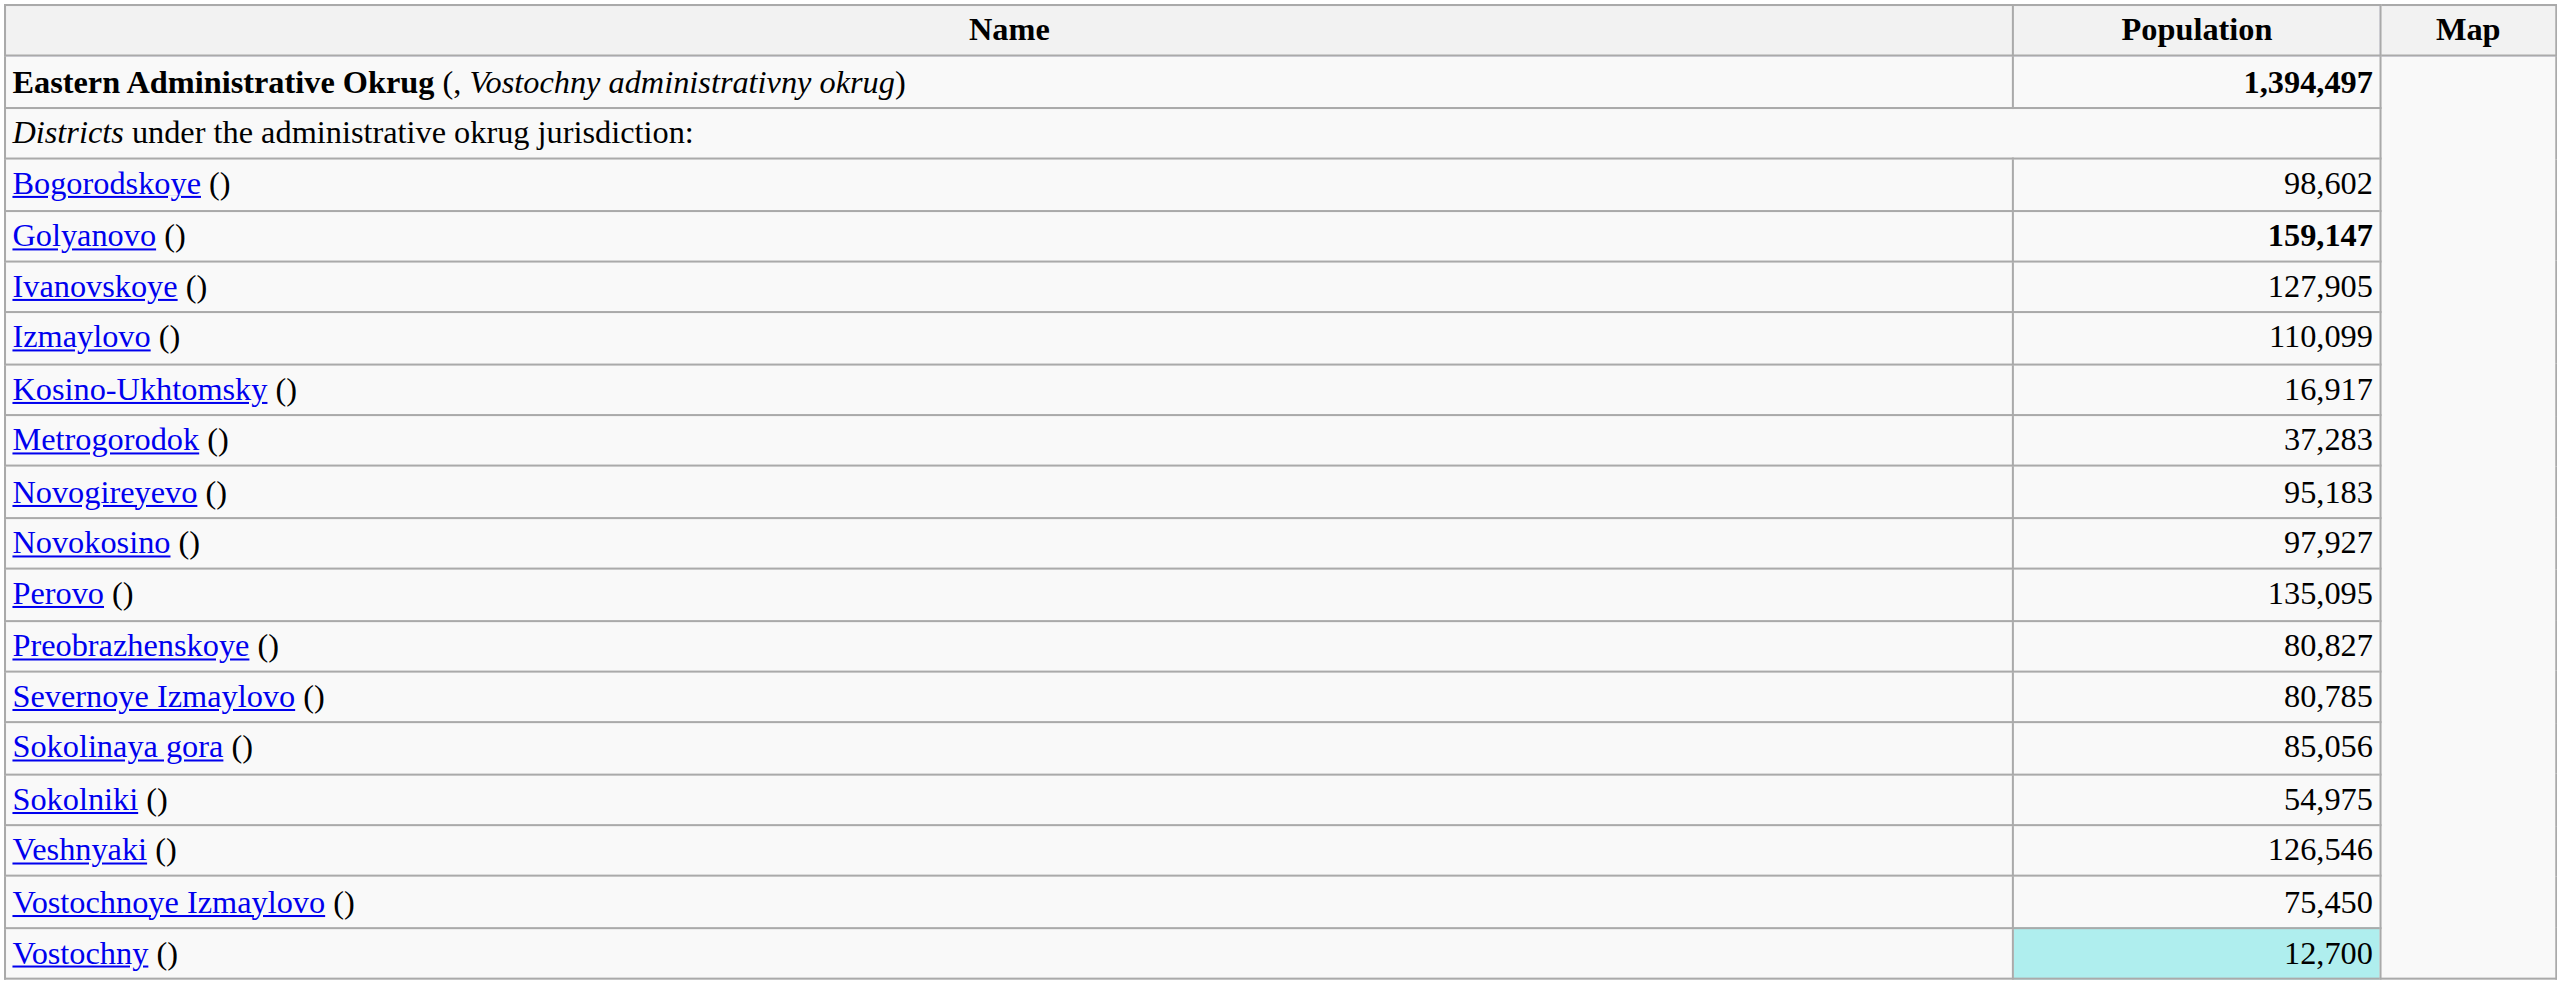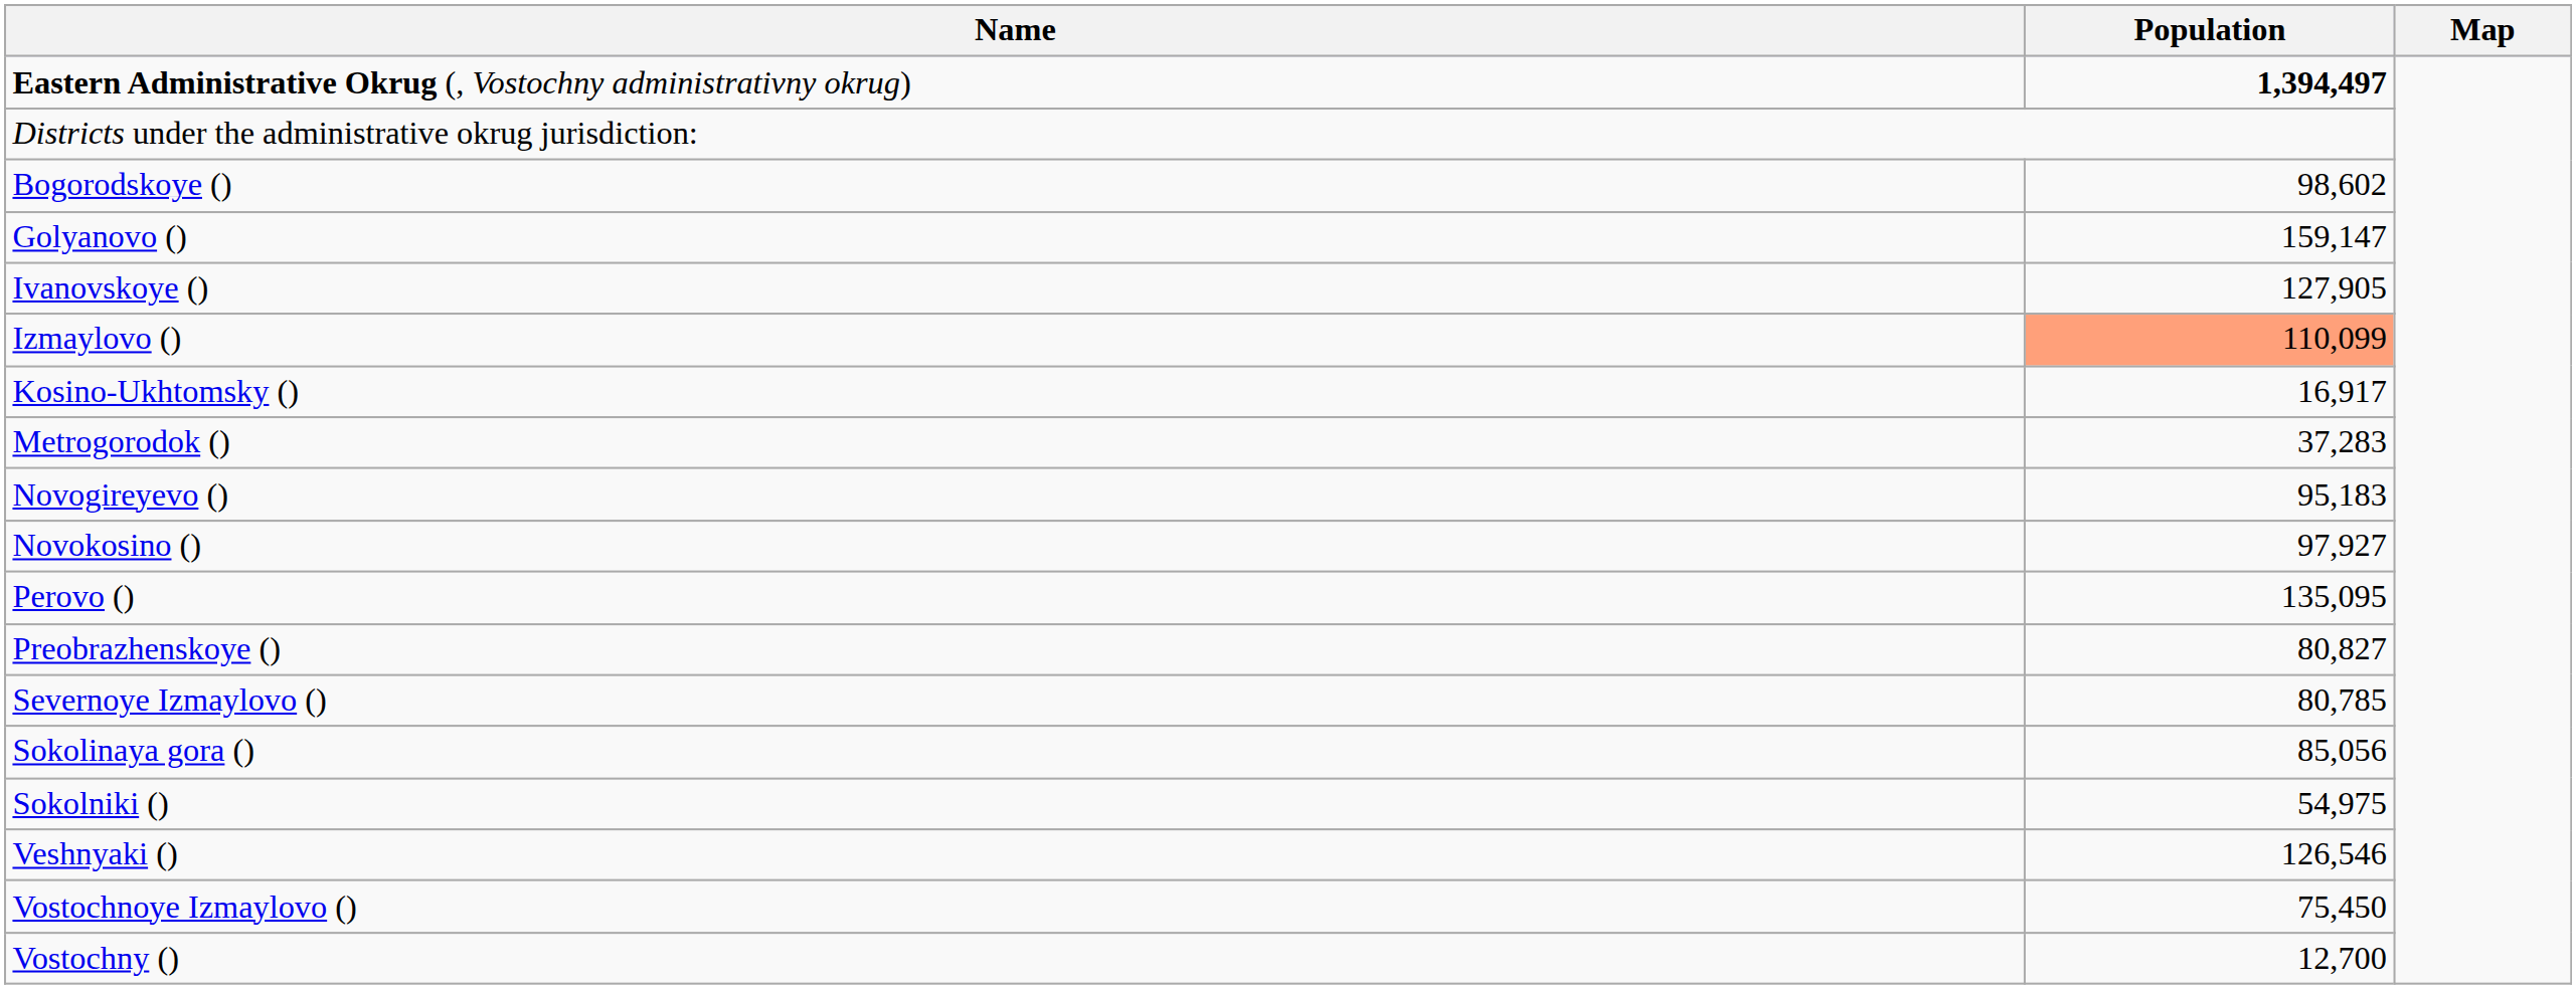 <table width=100% class="wikitable">
 <tr bgcolor="#CCCCFF" align="left">
 <th>Name</th>
 <th>Population</th>
 <th>Map</th>
 </tr>
 <tr>
 <td><strong>Eastern Administrative Okrug</strong> (, <em>Vostochny administrativny okrug</em>)</td>
 <td align="right"><strong>1,394,497</strong></td>
 <td rowspan=18></td>
 </tr>
 <tr valign="top">
 <td colspan=2><em>Districts</em> under the administrative okrug jurisdiction:</td>
 </tr>
 <tr>
 <td><a href='#'>Bogorodskoye</a> ()</td>
 <td align="right">98,602</td>
 </tr>
 <tr>
 <td><a href='#'>Golyanovo</a> ()</td>
-<td align="right"><strong>159,147</strong></td>
+<td align="right">159,147</td>
 </tr>
 <tr>
 <td><a href='#'>Ivanovskoye</a> ()</td>
 <td align="right">127,905</td>
 </tr>
 <tr>
 <td><a href='#'>Izmaylovo</a> ()</td>
-<td align="right">110,099</td>
+<td align="right" style="background: lightsalmon;">110,099</td>
 </tr>
 <tr>
 <td><a href='#'>Kosino-Ukhtomsky</a> ()</td>
 <td align="right">16,917</td>
 </tr>
 <tr>
 <td><a href='#'>Metrogorodok</a> ()</td>
 <td align="right">37,283</td>
 </tr>
 <tr>
 <td><a href='#'>Novogireyevo</a> ()</td>
 <td align="right">95,183</td>
 </tr>
 <tr>
 <td><a href='#'>Novokosino</a> ()</td>
 <td align="right">97,927</td>
 </tr>
 <tr>
 <td><a href='#'>Perovo</a> ()</td>
 <td align="right">135,095</td>
 </tr>
 <tr>
 <td><a href='#'>Preobrazhenskoye</a> ()</td>
 <td align="right">80,827</td>
 </tr>
 <tr>
 <td><a href='#'>Severnoye Izmaylovo</a> ()</td>
 <td align="right">80,785</td>
 </tr>
 <tr>
 <td><a href='#'>Sokolinaya gora</a> ()</td>
 <td align="right">85,056</td>
 </tr>
 <tr>
 <td><a href='#'>Sokolniki</a> ()</td>
 <td align="right">54,975</td>
 </tr>
 <tr>
 <td><a href='#'>Veshnyaki</a> ()</td>
 <td align="right">126,546</td>
 </tr>
 <tr>
 <td><a href='#'>Vostochnoye Izmaylovo</a> ()</td>
 <td align="right">75,450</td>
 </tr>
 <tr>
 <td><a href='#'>Vostochny</a> ()</td>
-<td align="right" style="background: paleturquoise;">12,700</td>
+<td align="right">12,700</td>
 </tr>
 </table>
